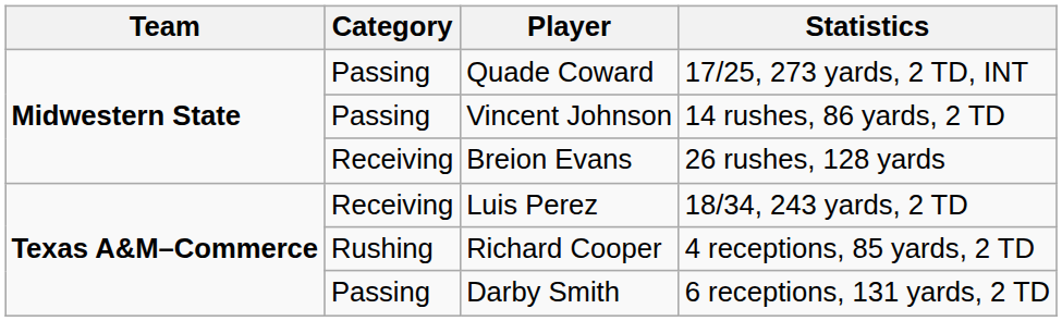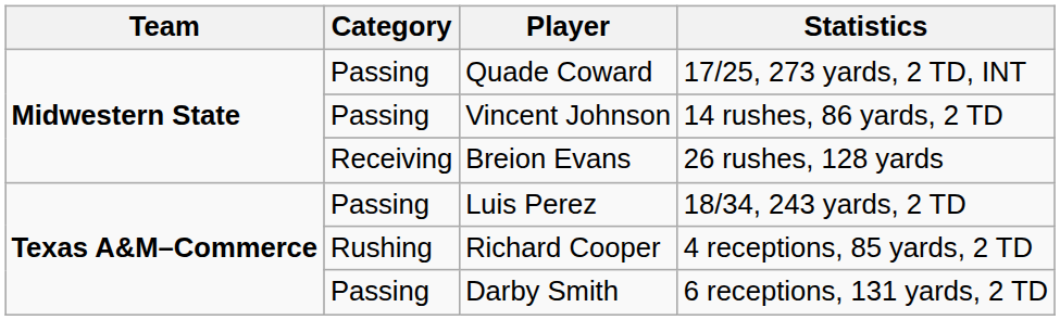 <table class="wikitable" style="float: right;">
 <tr>
 <th>Team</th>
 <th>Category</th>
 <th>Player</th>
 <th>Statistics</th>
 </tr>
 <tr>
 <td rowspan=3><strong>Midwestern State</strong></td>
 <td>Passing</td>
 <td>Quade Coward</td>
 <td>17/25, 273 yards, 2 TD, INT</td>
 </tr>
 <tr>
 <td>Passing</td>
 <td>Vincent Johnson</td>
 <td>14 rushes, 86 yards, 2 TD</td>
 </tr>
 <tr>
 <td>Receiving</td>
 <td>Breion Evans</td>
 <td>26 rushes, 128 yards</td>
 </tr>
 <tr>
 <td rowspan=3><strong>Texas A&M–Commerce</strong></td>
-<td>Receiving</td>
+<td>Passing</td>
 <td>Luis Perez</td>
 <td>18/34, 243 yards, 2 TD</td>
 </tr>
 <tr>
 <td>Rushing</td>
 <td>Richard Cooper</td>
 <td>4 receptions, 85 yards, 2 TD</td>
 </tr>
 <tr>
 <td>Passing</td>
 <td>Darby Smith</td>
 <td>6 receptions, 131 yards, 2 TD</td>
 </tr>
 </table>
